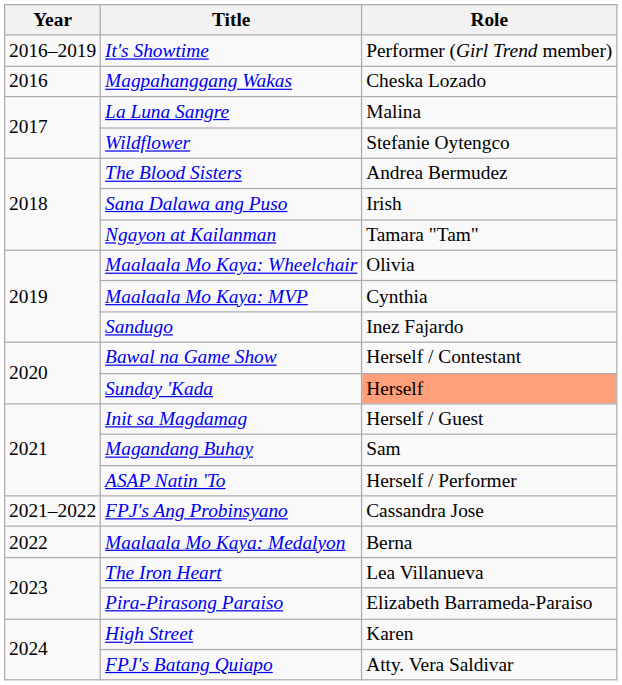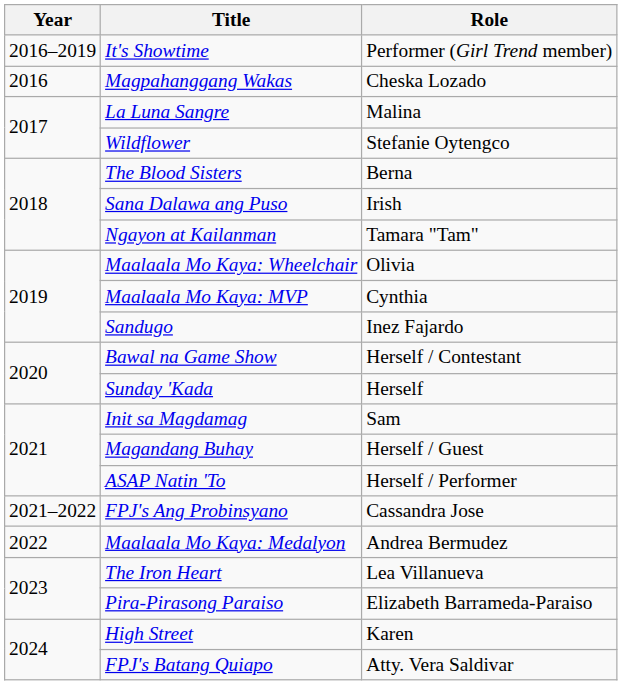 <table class="wikitable sortable">
 <tr>
 <th>Year</th>
 <th>Title</th>
 <th>Role</th>
 </tr>
 <tr>
 <td>2016–2019</td>
 <td><em><a href='#'>It's Showtime</a></em></td>
 <td>Performer (<em>Girl Trend</em> member)</td>
 </tr>
 <tr>
 <td>2016</td>
 <td><em><a href='#'>Magpahanggang Wakas</a></em></td>
 <td>Cheska Lozado</td>
 </tr>
 <tr>
 <td rowspan=2>2017</td>
 <td><em><a href='#'>La Luna Sangre</a></em></td>
 <td>Malina</td>
 </tr>
 <tr>
 <td><em><a href='#'>Wildflower</a></em></td>
 <td>Stefanie Oytengco</td>
 </tr>
 <tr>
 <td rowspan=3>2018</td>
 <td><em><a href='#'>The Blood Sisters</a></em></td>
-<td>Andrea Bermudez</td>
+<td>Berna</td>
 </tr>
 <tr>
 <td><em><a href='#'>Sana Dalawa ang Puso</a></em></td>
 <td>Irish</td>
 </tr>
 <tr>
 <td><em><a href='#'>Ngayon at Kailanman</a></em></td>
 <td>Tamara "Tam"</td>
 </tr>
 <tr>
 <td rowspan=3>2019</td>
 <td><em><a href='#'> Maalaala Mo Kaya: Wheelchair</a></em></td>
 <td>Olivia</td>
 </tr>
 <tr>
 <td><em><a href='#'> Maalaala Mo Kaya: MVP</a></em></td>
 <td>Cynthia</td>
 </tr>
 <tr>
 <td><em><a href='#'>Sandugo</a></em></td>
 <td>Inez Fajardo</td>
 </tr>
 <tr>
 <td rowspan=2>2020</td>
 <td><em><a href='#'>Bawal na Game Show</a></em></td>
 <td>Herself / Contestant</td>
 </tr>
 <tr>
 <td><em><a href='#'>Sunday 'Kada</a></em></td>
-<td style="background: lightsalmon;">Herself</td>
+<td>Herself</td>
 </tr>
 <tr>
 <td rowspan="3">2021</td>
 <td><em><a href='#'>Init sa Magdamag</a></em></td>
-<td>Herself / Guest</td>
+<td>Sam</td>
 </tr>
 <tr>
 <td><em><a href='#'>Magandang Buhay</a></em></td>
-<td>Sam</td>
+<td>Herself / Guest</td>
 </tr>
 <tr>
 <td><em><a href='#'>ASAP Natin 'To</a></em></td>
 <td>Herself / Performer</td>
 </tr>
 <tr>
 <td>2021–2022</td>
 <td><em><a href='#'>FPJ's Ang Probinsyano</a></em></td>
 <td>Cassandra Jose</td>
 </tr>
 <tr>
 <td>2022</td>
 <td><em><a href='#'>Maalaala Mo Kaya: Medalyon</a></em></td>
-<td>Berna</td>
+<td>Andrea Bermudez</td>
 </tr>
 <tr>
 <td rowspan="2">2023</td>
 <td><em><a href='#'>The Iron Heart</a></em></td>
 <td>Lea Villanueva</td>
 </tr>
 <tr>
 <td><em><a href='#'>Pira-Pirasong Paraiso</a></em></td>
 <td>Elizabeth Barrameda-Paraiso</td>
 </tr>
 <tr>
 <td rowspan="2">2024</td>
 <td><em><a href='#'>High Street</a></em></td>
 <td>Karen</td>
 </tr>
 <tr>
 <td><em><a href='#'>FPJ's Batang Quiapo</a></em></td>
 <td>Atty. Vera Saldivar</td>
 </tr>
 </table>
